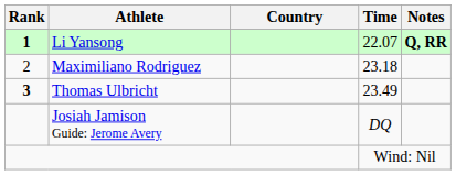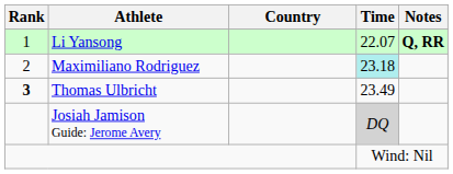 <table class="wikitable sortable" style="text-align:center">
 <tr>
 <th>Rank</th>
 <th style="width:180px">Athlete</th>
 <th style="width:125px">Country</th>
 <th>Time</th>
 <th>Notes</th>
 </tr>
 <tr style="background:#cfc;">
-<td><strong>1</strong></td>
+<td>1</td>
 <td style="text-align:left;"><a href='#'>Li Yansong</a></td>
 <td style="text-align:left;"></td>
 <td>22.07</td>
 <td><strong>Q, RR</strong></td>
 </tr>
 <tr>
 <td>2</td>
 <td style="text-align:left;"><a href='#'>Maximiliano Rodriguez</a></td>
 <td style="text-align:left;"></td>
-<td>23.18</td>
+<td style="background: paleturquoise;">23.18</td>
 <td></td>
 </tr>
 <tr>
 <td><strong>3</strong></td>
 <td style="text-align:left;"><a href='#'>Thomas Ulbricht</a></td>
 <td style="text-align:left;"></td>
 <td>23.49</td>
 <td></td>
 </tr>
 <tr>
 <td></td>
 <td style="text-align:left;"><a href='#'>Josiah Jamison</a><br><small>Guide: <a href='#'>Jerome Avery</a></small></td>
 <td style="text-align:left;"></td>
-<td><em>DQ</em></td>
+<td style="background: lightgrey;"><em>DQ</em></td>
 <td></td>
 </tr>
 <tr class="sortbottom">
 <td colspan="3"></td>
 <td colspan="2">Wind: Nil</td>
 </tr>
 </table>
